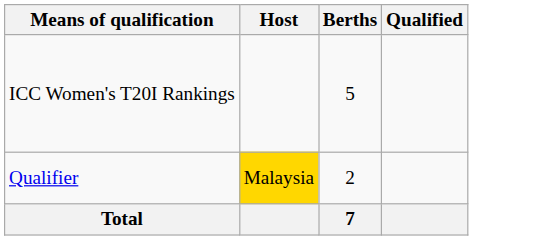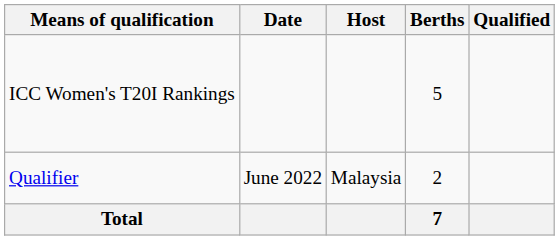 <table class="wikitable">
 <tr>
 <th>Means of qualification</th>
+<th>Date</th>
 <th>Host</th>
 <th>Berths</th>
 <th>Qualified</th>
 </tr>
 <tr>
 <td>ICC Women's T20I Rankings</td>
 <td></td>
+<td></td>
 <td style="text-align:center;">5</td>
 <td><br><br> <br> <br> <br> </td>
 </tr>
 <tr>
 <td><a href='#'>Qualifier</a></td>
-<td style="background: gold;"> Malaysia</td>
+<td>June 2022</td>
+<td> Malaysia</td>
 <td style="text-align:center;">2</td>
 <td><br><br> </td>
 </tr>
 <tr>
 <th>Total</th>
 <th></th>
+<th></th>
 <th>7</th>
 <th></th>
 </tr>
 </table>
